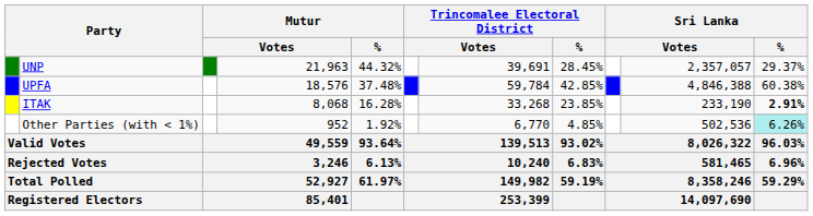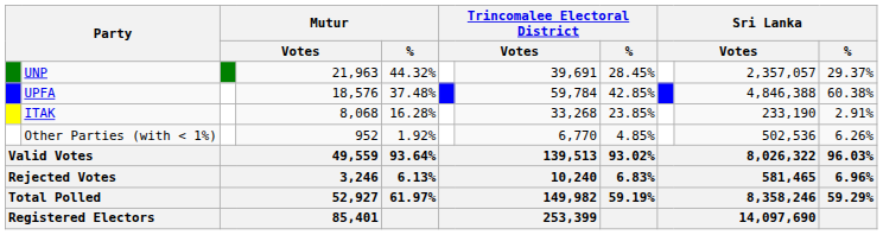 <table class="wikitable">
 <tr>
 <th colspan="2" width="144px"rowspan="2">Party</th>
 <th colspan="3" width="216px">Mutur</th>
 <th colspan="3" width="216px"><a href='#'>Trincomalee Electoral District</a></th>
 <th colspan="3" width="216px">Sri Lanka</th>
 </tr>
 <tr>
 <th colspan="2" width="144px">Votes</th>
 <th>%</th>
 <th colspan="2" width="144px">Votes</th>
 <th>%</th>
 <th colspan="2" width="144px">Votes</th>
 <th>%</th>
 </tr>
 <tr>
 <td style="background-color:green;" width="10px"></td>
 <td style="text-align:left;"><a href='#'>UNP</a></td>
 <td style="background-color:green;" width="10px"></td>
 <td style="text-align:right;">21,963</td>
 <td style="text-align:right;">44.32%</td>
 <td style="background-color:white;" width="10px"></td>
 <td style="text-align:right;">39,691</td>
 <td style="text-align:right;">28.45%</td>
 <td style="background-color:white;" width="10px"></td>
 <td style="text-align:right;">2,357,057</td>
 <td style="text-align:right;">29.37%</td>
 </tr>
 <tr>
 <td style="background-color:blue;" width="10px"></td>
 <td style="text-align:left;"><a href='#'>UPFA</a></td>
 <td style="background-color:white;" width="10px"></td>
 <td style="text-align:right;">18,576</td>
 <td style="text-align:right;">37.48%</td>
 <td style="background-color:blue;" width="10px"></td>
 <td style="text-align:right;">59,784</td>
 <td style="text-align:right;">42.85%</td>
 <td style="background-color:blue;" width="10px"></td>
 <td style="text-align:right;">4,846,388</td>
 <td style="text-align:right;">60.38%</td>
 </tr>
 <tr>
 <td style="background-color:yellow;" width="10px"></td>
 <td style="text-align:left;"><a href='#'>ITAK</a></td>
 <td style="background-color:white;" width="10px"></td>
 <td style="text-align:right;">8,068</td>
 <td style="text-align:right;">16.28%</td>
 <td style="background-color:white;" width="10px"></td>
 <td style="text-align:right;">33,268</td>
 <td style="text-align:right;">23.85%</td>
 <td style="background-color:white;" width="10px"></td>
 <td style="text-align:right;">233,190</td>
-<td style="text-align:right;"><strong>2.91%</strong></td>
+<td style="text-align:right;">2.91%</td>
 </tr>
 <tr>
 <td style="background-color:white;" width="10px"></td>
 <td style="text-align:left;">Other Parties (with < 1%)</td>
 <td style="background-color:white;" width="10px"></td>
 <td style="text-align:right;">952</td>
 <td style="text-align:right;">1.92%</td>
 <td style="background-color:white;" width="10px"></td>
 <td style="text-align:right;">6,770</td>
 <td style="text-align:right;">4.85%</td>
 <td style="background-color:white;" width="10px"></td>
 <td style="text-align:right;">502,536</td>
-<td style="background: paleturquoise; text-align:right;">6.26%</td>
+<td style="text-align:right;">6.26%</td>
 </tr>
 <tr>
 <th colspan="2" width="144px"style="text-align:left;">Valid Votes</th>
 <th style="text-align:right;"colspan="2" width="144px">49,559</th>
 <th style="text-align:right;">93.64%</th>
 <th style="text-align:right;"colspan="2" width="144px">139,513</th>
 <th style="text-align:right;">93.02%</th>
 <th style="text-align:right;"colspan="2" width="144px">8,026,322</th>
 <th style="text-align:right;">96.03%</th>
 </tr>
 <tr>
 <th colspan="2" width="144px"style="text-align:left;">Rejected Votes</th>
 <th style="text-align:right;"colspan="2" width="144px">3,246</th>
 <th style="text-align:right;">6.13%</th>
 <th style="text-align:right;"colspan="2" width="144px">10,240</th>
 <th style="text-align:right;">6.83%</th>
 <th style="text-align:right;"colspan="2" width="144px">581,465</th>
 <th style="text-align:right;">6.96%</th>
 </tr>
 <tr>
 <th colspan="2" width="144px"style="text-align:left;">Total Polled</th>
 <th style="text-align:right;"colspan="2" width="144px">52,927</th>
 <th style="text-align:right;">61.97%</th>
 <th style="text-align:right;"colspan="2" width="144px">149,982</th>
 <th style="text-align:right;">59.19%</th>
 <th style="text-align:right;"colspan="2" width="144px">8,358,246</th>
 <th style="text-align:right;">59.29%</th>
 </tr>
 <tr>
 <th colspan="2" width="144px"style="text-align:left;">Registered Electors</th>
 <th style="text-align:right;"colspan="2" width="144px">85,401</th>
 <th></th>
 <th style="text-align:right;"colspan="2" width="144px">253,399</th>
 <th></th>
 <th style="text-align:right;"colspan="2" width="144px">14,097,690</th>
 <th></th>
 </tr>
 </table>
